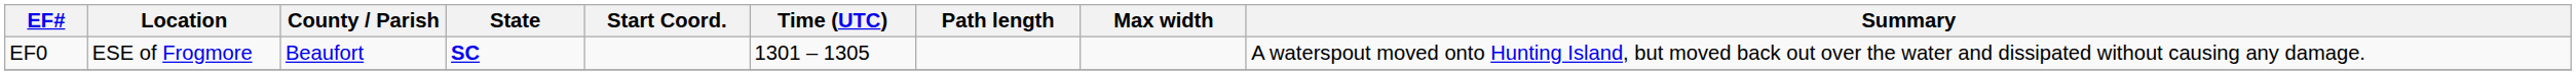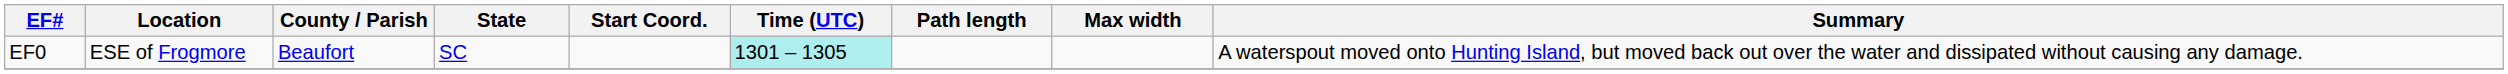 <table class="wikitable sortable" style="width:100%;">
 <tr>
 <th scope="col" width="3%" align="center"><a href='#'>EF#</a></th>
 <th scope="col" width="7%" align="center" class="unsortable">Location</th>
 <th scope="col" width="6%" align="center" class="unsortable">County / Parish</th>
 <th scope="col" width="5%" align="center">State</th>
 <th scope="col" width="6%" align="center">Start Coord.</th>
 <th scope="col" width="6%" align="center">Time (<a href='#'>UTC</a>)</th>
 <th scope="col" width="6%" align="center">Path length</th>
 <th scope="col" width="6%" align="center">Max width</th>
 <th scope="col" width="48%" class="unsortable" align="center">Summary</th>
 </tr>
 <tr>
 <td>EF0</td>
 <td>ESE of <a href='#'>Frogmore</a></td>
 <td><a href='#'>Beaufort</a></td>
-<td><strong><a href='#'>SC</a></strong></td>
+<td><a href='#'>SC</a></td>
 <td></td>
-<td>1301 – 1305</td>
+<td style="background: paleturquoise;">1301 – 1305</td>
 <td></td>
 <td></td>
 <td>A waterspout moved onto <a href='#'>Hunting Island</a>, but moved back out over the water and dissipated without causing any damage.</td>
 </tr>
 <tr>
 </tr>
 </table>
